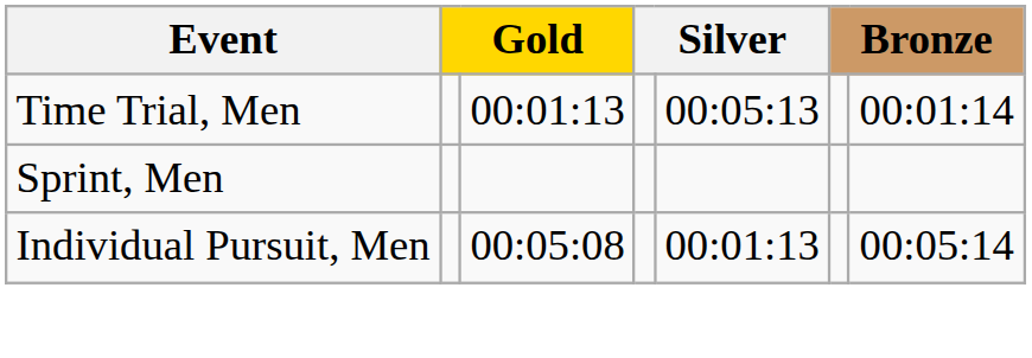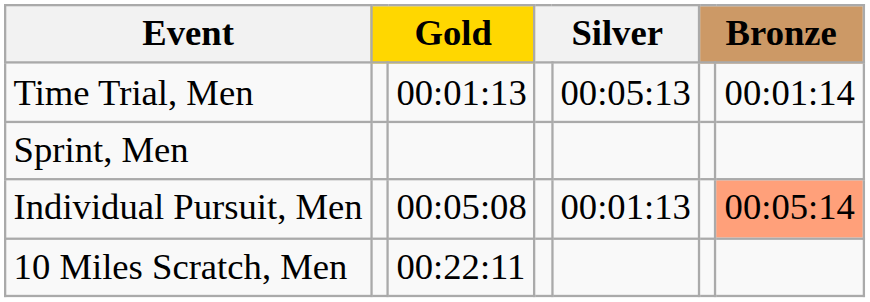 <table class="wikitable">
 <tr>
 <th>Event</th>
 <th style="background: gold;" colspan="2">Gold</th>
 <th style="backdround: silver;" colspan="2">Silver</th>
 <th style="background: #cc9966;" colspan="2">Bronze</th>
 </tr>
 <tr>
 <td>Time Trial, Men</td>
 <td></td>
 <td>00:01:13</td>
 <td></td>
 <td>00:05:13</td>
 <td></td>
 <td>00:01:14</td>
 </tr>
 <tr>
 <td>Sprint, Men</td>
 <td></td>
 <td></td>
 <td></td>
 <td></td>
 <td></td>
 <td></td>
 </tr>
 <tr>
 <td>Individual Pursuit, Men</td>
 <td></td>
 <td>00:05:08</td>
 <td></td>
 <td>00:01:13</td>
 <td></td>
-<td>00:05:14</td>
+<td style="background: lightsalmon;">00:05:14</td>
+</tr>
+<tr>
+<td>10 Miles Scratch, Men</td>
+<td></td>
+<td>00:22:11</td>
+<td></td>
+<td></td>
+<td></td>
+<td></td>
 </tr>
 </table>
